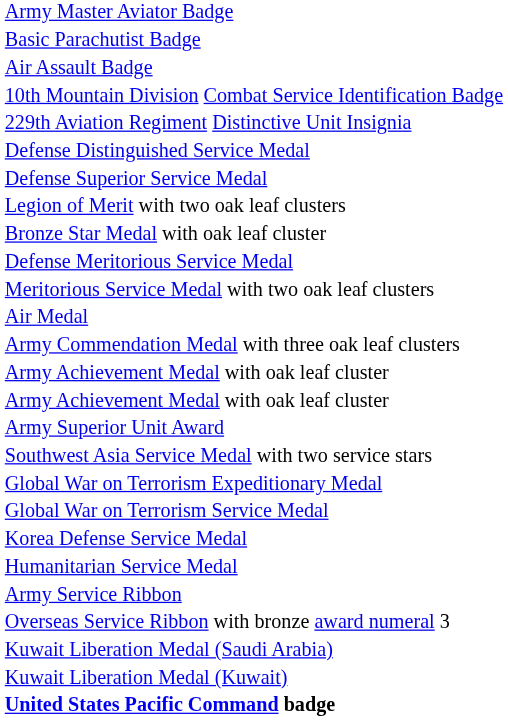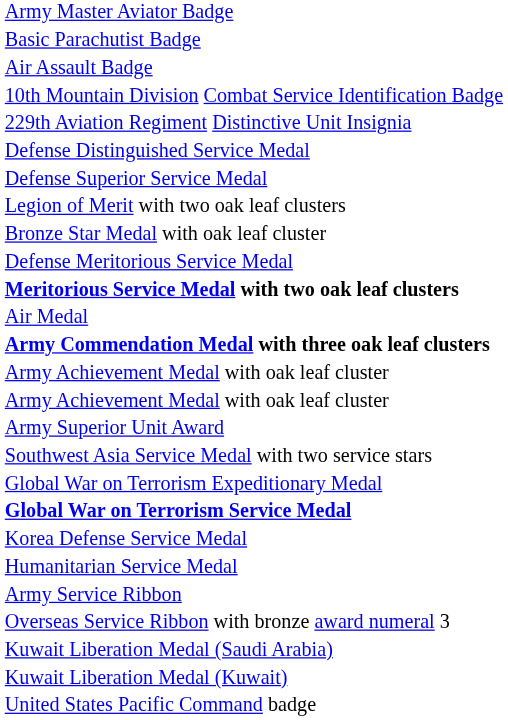 <table>
 <tr>
 <td> <a href='#'>Army Master Aviator Badge</a></td>
 </tr>
 <tr>
 <td> <a href='#'>Basic Parachutist Badge</a></td>
 </tr>
 <tr>
 <td> <a href='#'>Air Assault Badge</a></td>
 </tr>
 <tr>
 <td> <a href='#'>10th Mountain Division</a> <a href='#'>Combat Service Identification Badge</a></td>
 </tr>
 <tr>
 <td> <a href='#'>229th Aviation Regiment</a> <a href='#'>Distinctive Unit Insignia</a></td>
 </tr>
 <tr>
 <td> <a href='#'>Defense Distinguished Service Medal</a></td>
 </tr>
 <tr>
 <td> <a href='#'>Defense Superior Service Medal</a></td>
 </tr>
 <tr>
 <td><span></span><span></span> <a href='#'>Legion of Merit</a> with two oak leaf clusters</td>
 </tr>
 <tr>
 <td> <a href='#'>Bronze Star Medal</a> with oak leaf cluster</td>
 </tr>
 <tr>
 <td> <a href='#'>Defense Meritorious Service Medal</a></td>
 </tr>
 <tr>
-<td><span></span><span></span>  <a href='#'>Meritorious Service Medal</a> with two oak leaf clusters</td>
+<td><strong><span></span><span></span>  <a href='#'>Meritorious Service Medal</a> with two oak leaf clusters</strong></td>
 </tr>
 <tr>
 <td> <a href='#'>Air Medal</a></td>
 </tr>
 <tr>
-<td><span></span><span></span><span></span> <a href='#'>Army Commendation Medal</a> with three oak leaf clusters</td>
+<td><strong><span></span><span></span><span></span> <a href='#'>Army Commendation Medal</a> with three oak leaf clusters</strong></td>
 </tr>
 <tr>
 <td> <a href='#'>Army Achievement Medal</a> with oak leaf cluster</td>
 </tr>
 <tr>
 <td> <a href='#'>Army Achievement Medal</a> with oak leaf cluster</td>
 </tr>
 <tr>
 <td> <a href='#'>Army Superior Unit Award</a></td>
 </tr>
 <tr>
 <td><span></span><span></span> <a href='#'>Southwest Asia Service Medal</a> with two service stars</td>
 </tr>
 <tr>
 <td> <a href='#'>Global War on Terrorism Expeditionary Medal</a></td>
 </tr>
 <tr>
-<td> <a href='#'>Global War on Terrorism Service Medal</a></td>
+<td><strong> <a href='#'>Global War on Terrorism Service Medal</a></strong></td>
 </tr>
 <tr>
 <td> <a href='#'>Korea Defense Service Medal</a></td>
 </tr>
 <tr>
 <td> <a href='#'>Humanitarian Service Medal</a></td>
 </tr>
 <tr>
 <td> <a href='#'>Army Service Ribbon</a></td>
 </tr>
 <tr>
 <td><span></span> <a href='#'>Overseas Service Ribbon</a> with bronze <a href='#'>award numeral</a> 3</td>
 </tr>
 <tr>
 <td> <a href='#'>Kuwait Liberation Medal (Saudi Arabia)</a></td>
 </tr>
 <tr>
 <td> <a href='#'>Kuwait Liberation Medal (Kuwait)</a></td>
 </tr>
 <tr>
-<td><strong> <a href='#'>United States Pacific Command</a> badge</strong></td>
+<td> <a href='#'>United States Pacific Command</a> badge</td>
 </tr>
 </table>
